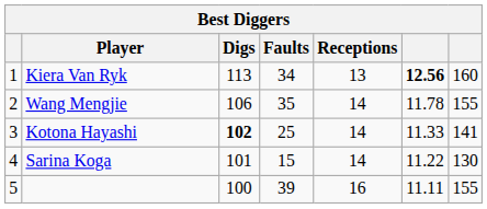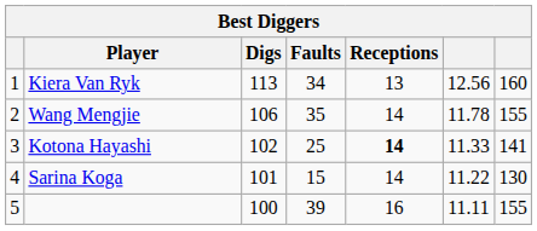 <table class="wikitable sortable" style=font-size:90%>
 <tr>
 <th colspan=7>Best Diggers</th>
 </tr>
 <tr>
 <th></th>
 <th width=158>Player</th>
 <th width=20>Digs</th>
 <th width=20>Faults</th>
 <th width=20>Receptions</th>
 <th width=20></th>
 <th width=20></th>
 </tr>
 <tr>
 <td>1</td>
 <td> <a href='#'>Kiera Van Ryk</a></td>
 <td align=center>113</td>
 <td align=center>34</td>
 <td align=center>13</td>
-<td align=center><strong>12.56</strong></td>
+<td align=center>12.56</td>
 <td align=center>160</td>
 </tr>
 <tr>
 <td>2</td>
 <td> <a href='#'>Wang Mengjie</a></td>
 <td align=center>106</td>
 <td align=center>35</td>
 <td align=center>14</td>
 <td align=center>11.78</td>
 <td align=center>155</td>
 </tr>
 <tr>
 <td>3</td>
 <td> <a href='#'>Kotona Hayashi</a></td>
-<td align=center><strong>102</strong></td>
+<td align=center>102</td>
 <td align=center>25</td>
-<td align=center>14</td>
+<td align=center><strong>14</strong></td>
 <td align=center>11.33</td>
 <td align=center>141</td>
 </tr>
 <tr>
 <td>4</td>
 <td> <a href='#'>Sarina Koga</a></td>
 <td align=center>101</td>
 <td align=center>15</td>
 <td align=center>14</td>
 <td align=center>11.22</td>
 <td align=center>130</td>
 </tr>
 <tr>
 <td>5</td>
 <td> </td>
 <td align=center>100</td>
 <td align=center>39</td>
 <td align=center>16</td>
 <td align=center>11.11</td>
 <td align=center>155</td>
 </tr>
 </table>
